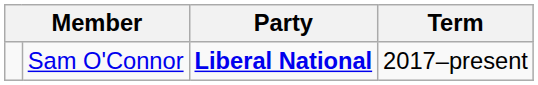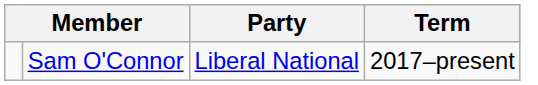 <table class="wikitable">
 <tr>
 <th colspan="2">Member</th>
 <th>Party</th>
 <th>Term</th>
 </tr>
 <tr>
 <td> </td>
 <td><a href='#'>Sam O'Connor</a></td>
-<td><strong><a href='#'>Liberal National</a></strong></td>
+<td><a href='#'>Liberal National</a></td>
 <td>2017–present</td>
 </tr>
 </table>
